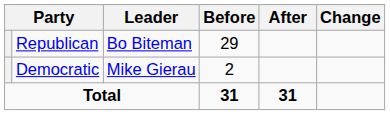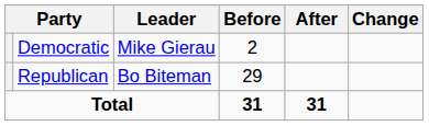 <table class="wikitable" style="text-align:center;">
 <tr>
 </tr>
 <tr>
 <th colspan="2">Party</th>
 <th>Leader</th>
 <th style="width:3em">Before</th>
 <th style="width:3em">After</th>
 <th style="width:3em">Change</th>
 </tr>
 <tr>
 <th style="background-color:"></th>
-<td style="text-align:left;"><a href='#'>Republican</a></td>
-<td style="text-align:left;"><a href='#'>Bo Biteman</a></td>
-<td>29</td>
+<td style="text-align:left;"><a href='#'>Democratic</a></td>
+<td style="text-align:left;"><a href='#'>Mike Gierau</a></td>
+<td>2</td>
 <td></td>
 <td></td>
 </tr>
 <tr>
 <th style="background-color:"></th>
-<td style="text-align:left;"><a href='#'>Democratic</a></td>
-<td style="text-align:left;"><a href='#'>Mike Gierau</a></td>
-<td>2</td>
+<td style="text-align:left;"><a href='#'>Republican</a></td>
+<td style="text-align:left;"><a href='#'>Bo Biteman</a></td>
+<td>29</td>
 <td></td>
 <td></td>
 </tr>
 <tr>
 <td colspan="3"><strong>Total</strong></td>
 <td><strong>31</strong></td>
 <td><strong>31</strong></td>
 <td></td>
 </tr>
 </table>
